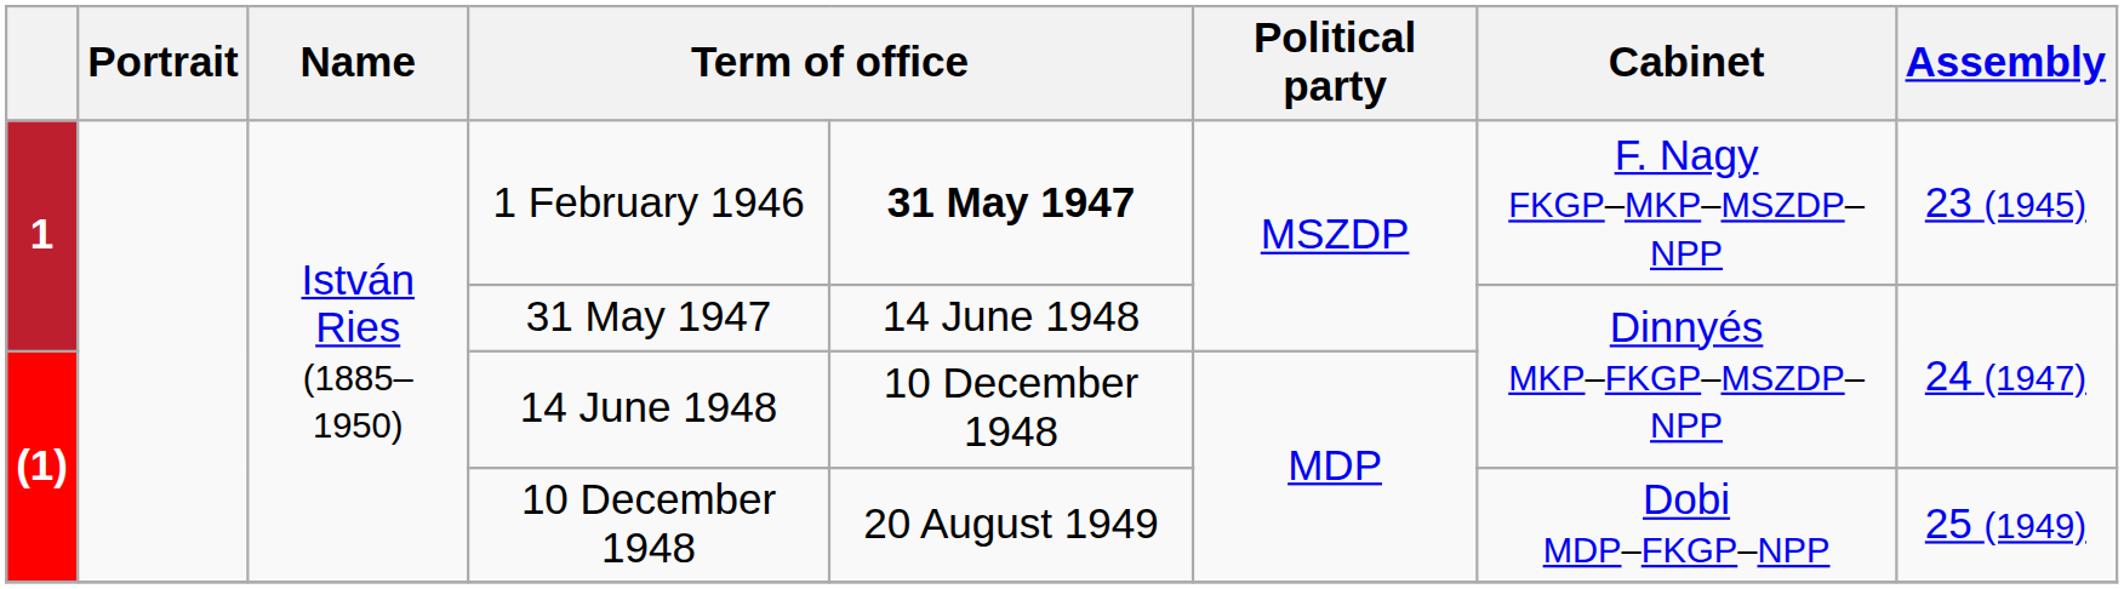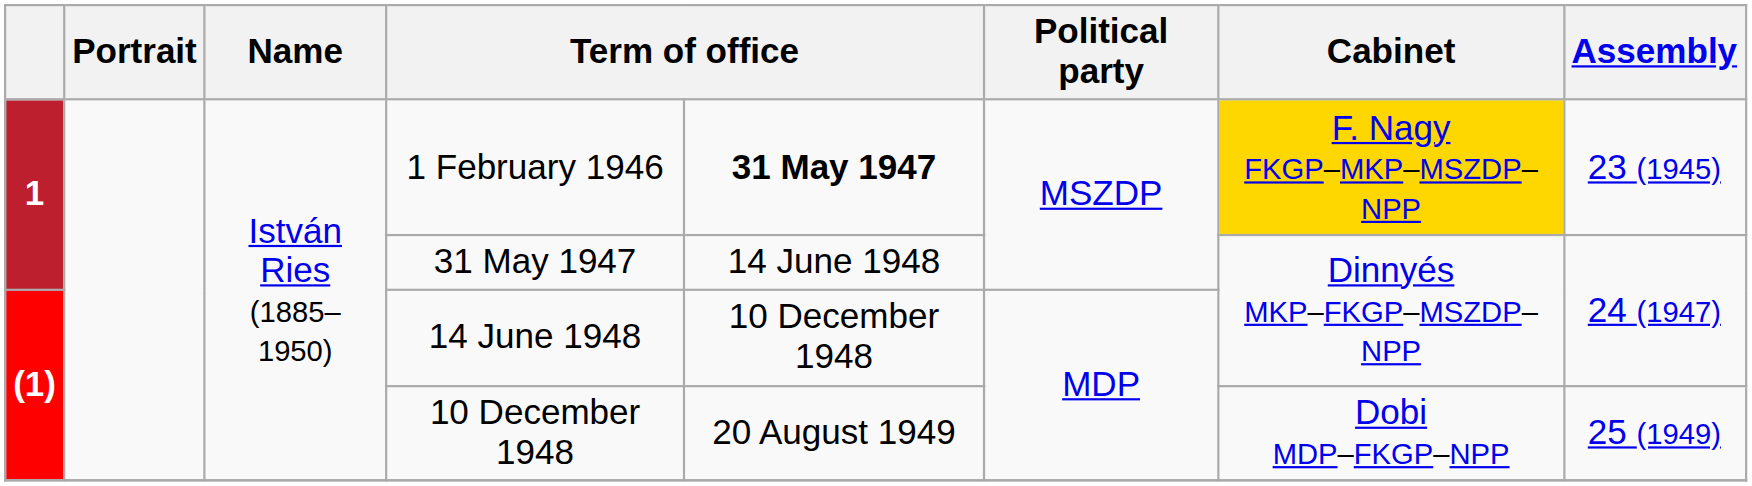 <table class="wikitable" style="width:90%; text-align:center;">
 <tr>
 <th></th>
 <th>Portrait</th>
 <th>Name<br></th>
 <th colspan=2>Term of office</th>
 <th>Political party</th>
 <th>Cabinet</th>
 <th><a href='#'>Assembly</a><br></th>
 </tr>
 <tr>
 <th rowspan="3" style="background-color:#BE1F2E; color:white">1</th>
 <td rowspan="6"></td>
 <td rowspan="6"><a href='#'>István Ries</a><br><small>(1885–1950)</small></td>
 <td>1 February 1946</td>
 <td><strong>31 May 1947</strong></td>
 <td rowspan="3"><a href='#'>MSZDP</a></td>
-<td><a href='#'>F. Nagy</a><br><small><a href='#'>FKGP</a>–<a href='#'>MKP</a>–<a href='#'>MSZDP</a>–<a href='#'>NPP</a></small></td>
+<td style="background: gold;"><a href='#'>F. Nagy</a><br><small><a href='#'>FKGP</a>–<a href='#'>MKP</a>–<a href='#'>MSZDP</a>–<a href='#'>NPP</a></small></td>
 <td rowspan="2"><a href='#'>23 <small>(1945)</small></a></td>
 </tr>
 <tr>
 <td rowspan="2">31 May 1947</td>
 <td rowspan="2">14 June 1948</td>
 <td rowspan="3"><a href='#'>Dinnyés</a><br><small><a href='#'>MKP</a>–<a href='#'>FKGP</a>–<a href='#'>MSZDP</a>–<a href='#'>NPP</a></small></td>
 </tr>
 <tr>
 <td rowspan="3"><a href='#'>24 <small>(1947)</small></a></td>
 </tr>
 <tr>
 <th rowspan="3" style="background-color:Red; color:white">(1)</th>
 <td rowspan="1">14 June 1948</td>
 <td rowspan="1">10 December 1948</td>
 <td rowspan="3"><a href='#'>MDP</a></td>
 </tr>
 <tr>
 <td rowspan="2">10 December 1948</td>
 <td rowspan="2">20 August 1949</td>
 <td rowspan="2"><a href='#'>Dobi</a><br><small><a href='#'>MDP</a>–<a href='#'>FKGP</a>–<a href='#'>NPP</a></small></td>
 </tr>
 <tr>
 <td><a href='#'>25 <small>(1949)</small></a></td>
 </tr>
 <tr>
 </tr>
 </table>
